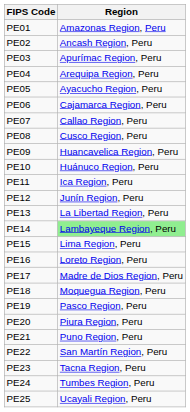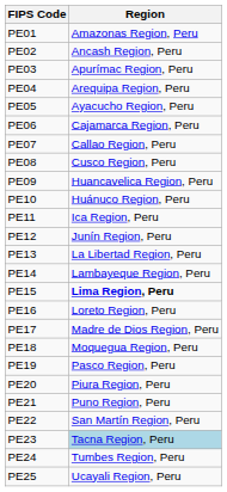 <table class="wikitable">
 <tr>
 <th>FIPS Code</th>
 <th>Region</th>
 </tr>
 <tr>
 <td>PE01</td>
 <td><a href='#'>Amazonas Region</a>, <a href='#'>Peru</a></td>
 </tr>
 <tr>
 <td>PE02</td>
 <td><a href='#'>Ancash Region</a>, Peru</td>
 </tr>
 <tr>
 <td>PE03</td>
 <td><a href='#'>Apurímac Region</a>, Peru</td>
 </tr>
 <tr>
 <td>PE04</td>
 <td><a href='#'>Arequipa Region</a>, Peru</td>
 </tr>
 <tr>
 <td>PE05</td>
 <td><a href='#'>Ayacucho Region</a>, Peru</td>
 </tr>
 <tr>
 <td>PE06</td>
 <td><a href='#'>Cajamarca Region</a>, Peru</td>
 </tr>
 <tr>
 <td>PE07</td>
 <td><a href='#'>Callao Region</a>, Peru</td>
 </tr>
 <tr>
 <td>PE08</td>
 <td><a href='#'>Cusco Region</a>, Peru</td>
 </tr>
 <tr>
 <td>PE09</td>
 <td><a href='#'>Huancavelica Region</a>, Peru</td>
 </tr>
 <tr>
 <td>PE10</td>
 <td><a href='#'>Huánuco Region</a>, Peru</td>
 </tr>
 <tr>
 <td>PE11</td>
 <td><a href='#'>Ica Region</a>, Peru</td>
 </tr>
 <tr>
 <td>PE12</td>
 <td><a href='#'>Junín Region</a>, Peru</td>
 </tr>
 <tr>
 <td>PE13</td>
 <td><a href='#'>La Libertad Region</a>, Peru</td>
 </tr>
 <tr>
 <td>PE14</td>
-<td style="background: lightgreen;"><a href='#'>Lambayeque Region</a>, Peru</td>
+<td><a href='#'>Lambayeque Region</a>, Peru</td>
 </tr>
 <tr>
 <td>PE15</td>
-<td><a href='#'>Lima Region</a>, Peru</td>
+<td><strong><a href='#'>Lima Region</a>, Peru</strong></td>
 </tr>
 <tr>
 <td>PE16</td>
 <td><a href='#'>Loreto Region</a>, Peru</td>
 </tr>
 <tr>
 <td>PE17</td>
 <td><a href='#'>Madre de Dios Region</a>, Peru</td>
 </tr>
 <tr>
 <td>PE18</td>
 <td><a href='#'>Moquegua Region</a>, Peru</td>
 </tr>
 <tr>
 <td>PE19</td>
 <td><a href='#'>Pasco Region</a>, Peru</td>
 </tr>
 <tr>
 <td>PE20</td>
 <td><a href='#'>Piura Region</a>, Peru</td>
 </tr>
 <tr>
 <td>PE21</td>
 <td><a href='#'>Puno Region</a>, Peru</td>
 </tr>
 <tr>
 <td>PE22</td>
 <td><a href='#'>San Martín Region</a>, Peru</td>
 </tr>
 <tr>
 <td>PE23</td>
-<td><a href='#'>Tacna Region</a>, Peru</td>
+<td style="background: lightblue;"><a href='#'>Tacna Region</a>, Peru</td>
 </tr>
 <tr>
 <td>PE24</td>
 <td><a href='#'>Tumbes Region</a>, Peru</td>
 </tr>
 <tr>
 <td>PE25</td>
 <td><a href='#'>Ucayali Region</a>, Peru</td>
 </tr>
 </table>
